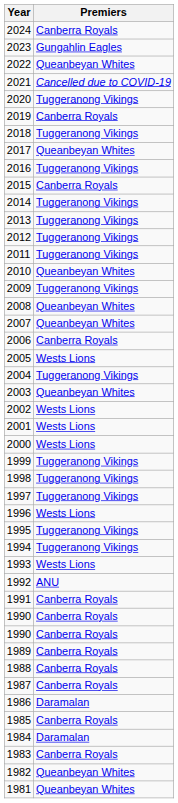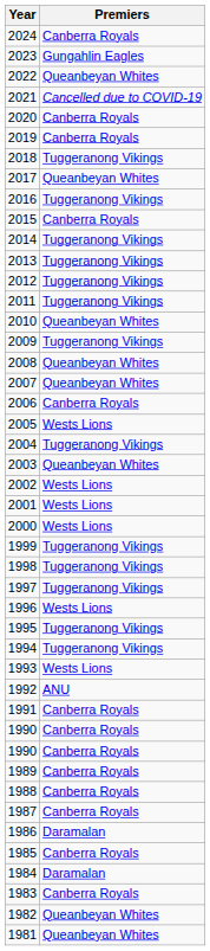 <table class="wikitable" style="flex-grow:1">
 <tr>
 <th>Year</th>
 <th>Premiers</th>
 </tr>
 <tr>
 <td>2024</td>
 <td> <a href='#'>Canberra Royals</a></td>
 </tr>
 <tr>
 <td>2023</td>
 <td> <a href='#'>Gungahlin Eagles</a></td>
 </tr>
 <tr>
 <td>2022</td>
 <td> <a href='#'>Queanbeyan Whites</a></td>
 </tr>
 <tr>
 <td>2021</td>
 <td><em><a href='#'>Cancelled due to COVID-19</a></em></td>
 </tr>
 <tr>
 <td>2020</td>
-<td> <a href='#'>Tuggeranong Vikings</a></td>
+<td> <a href='#'>Canberra Royals</a></td>
 </tr>
 <tr>
 <td>2019</td>
 <td> <a href='#'>Canberra Royals</a></td>
 </tr>
 <tr>
 <td>2018</td>
 <td> <a href='#'>Tuggeranong Vikings</a></td>
 </tr>
 <tr>
 <td>2017</td>
 <td> <a href='#'>Queanbeyan Whites</a></td>
 </tr>
 <tr>
 <td>2016</td>
 <td> <a href='#'>Tuggeranong Vikings</a></td>
 </tr>
 <tr>
 <td>2015</td>
 <td> <a href='#'>Canberra Royals</a></td>
 </tr>
 <tr>
 <td>2014</td>
 <td> <a href='#'>Tuggeranong Vikings</a></td>
 </tr>
 <tr>
 <td>2013</td>
 <td> <a href='#'>Tuggeranong Vikings</a></td>
 </tr>
 <tr>
 <td>2012</td>
 <td> <a href='#'>Tuggeranong Vikings</a></td>
 </tr>
 <tr>
 <td>2011</td>
 <td> <a href='#'>Tuggeranong Vikings</a></td>
 </tr>
 <tr>
 <td>2010</td>
 <td> <a href='#'>Queanbeyan Whites</a></td>
 </tr>
 <tr>
 <td>2009</td>
 <td> <a href='#'>Tuggeranong Vikings</a></td>
 </tr>
 <tr>
 <td>2008</td>
 <td> <a href='#'>Queanbeyan Whites</a></td>
 </tr>
 <tr>
 <td>2007</td>
 <td> <a href='#'>Queanbeyan Whites</a></td>
 </tr>
 <tr>
 <td>2006</td>
 <td> <a href='#'>Canberra Royals</a></td>
 </tr>
 <tr>
 <td>2005</td>
 <td> <a href='#'>Wests Lions</a></td>
 </tr>
 <tr>
 <td>2004</td>
 <td> <a href='#'>Tuggeranong Vikings</a></td>
 </tr>
 <tr>
 <td>2003</td>
 <td> <a href='#'>Queanbeyan Whites</a></td>
 </tr>
 <tr>
 <td>2002</td>
 <td> <a href='#'>Wests Lions</a></td>
 </tr>
 <tr>
 <td>2001</td>
 <td> <a href='#'>Wests Lions</a></td>
 </tr>
 <tr>
 <td>2000</td>
 <td> <a href='#'>Wests Lions</a></td>
 </tr>
 <tr>
 <td>1999</td>
 <td> <a href='#'>Tuggeranong Vikings</a></td>
 </tr>
 <tr>
 <td>1998</td>
 <td> <a href='#'>Tuggeranong Vikings</a></td>
 </tr>
 <tr>
 <td>1997</td>
 <td> <a href='#'>Tuggeranong Vikings</a></td>
 </tr>
 <tr>
 <td>1996</td>
 <td> <a href='#'>Wests Lions</a></td>
 </tr>
 <tr>
 <td>1995</td>
 <td> <a href='#'>Tuggeranong Vikings</a></td>
 </tr>
 <tr>
 <td>1994</td>
 <td> <a href='#'>Tuggeranong Vikings</a></td>
 </tr>
 <tr>
 <td>1993</td>
 <td> <a href='#'>Wests Lions</a></td>
 </tr>
 <tr>
 <td>1992</td>
 <td> <a href='#'>ANU</a></td>
 </tr>
 <tr>
 <td>1991</td>
 <td> <a href='#'>Canberra Royals</a></td>
 </tr>
 <tr>
 <td>1990</td>
 <td> <a href='#'>Canberra Royals</a></td>
 </tr>
 <tr>
 <td>1990</td>
 <td> <a href='#'>Canberra Royals</a></td>
 </tr>
 <tr>
 <td>1989</td>
 <td> <a href='#'>Canberra Royals</a></td>
 </tr>
 <tr>
 <td>1988</td>
 <td> <a href='#'>Canberra Royals</a></td>
 </tr>
 <tr>
 <td>1987</td>
 <td> <a href='#'>Canberra Royals</a></td>
 </tr>
 <tr>
 <td>1986</td>
 <td> <a href='#'>Daramalan</a></td>
 </tr>
 <tr>
 <td>1985</td>
 <td> <a href='#'>Canberra Royals</a></td>
 </tr>
 <tr>
 <td>1984</td>
 <td> <a href='#'>Daramalan</a></td>
 </tr>
 <tr>
 <td>1983</td>
 <td> <a href='#'>Canberra Royals</a></td>
 </tr>
 <tr>
 <td>1982</td>
 <td> <a href='#'>Queanbeyan Whites</a></td>
 </tr>
 <tr>
 <td>1981</td>
 <td> <a href='#'>Queanbeyan Whites</a></td>
 </tr>
 </table>
